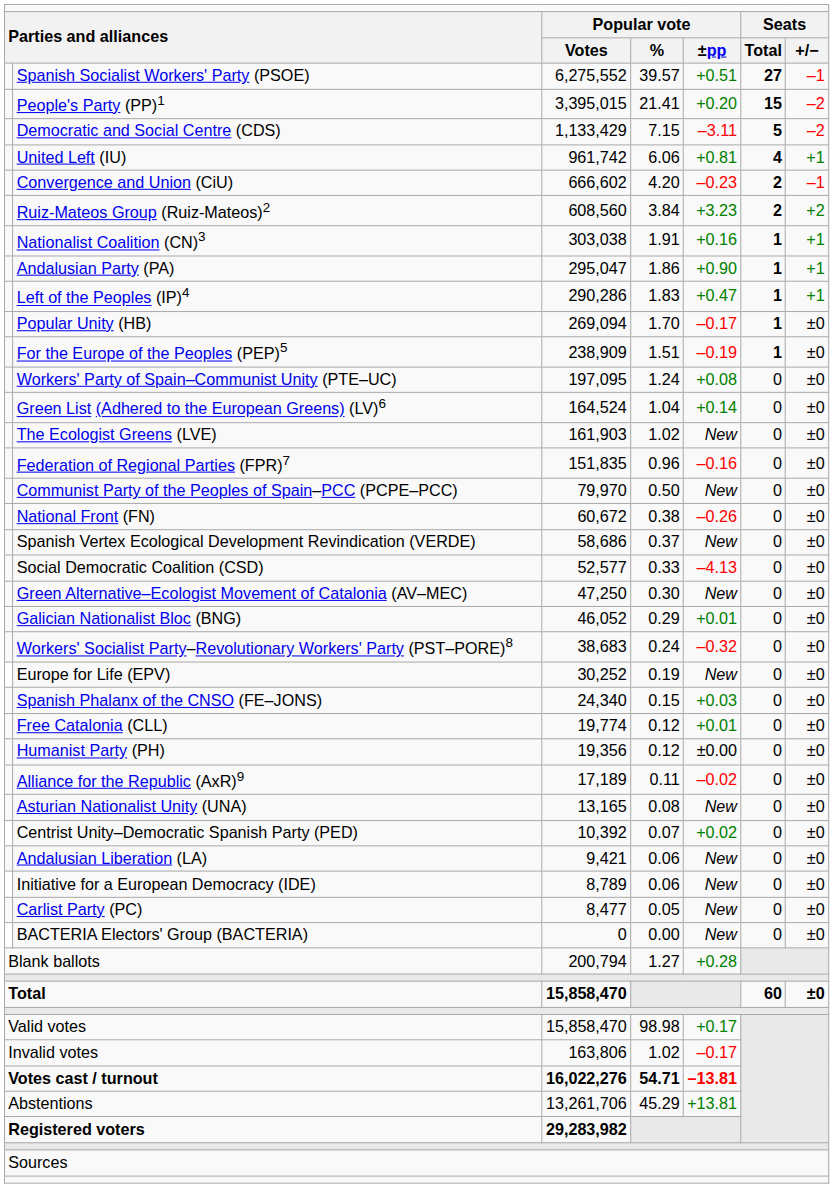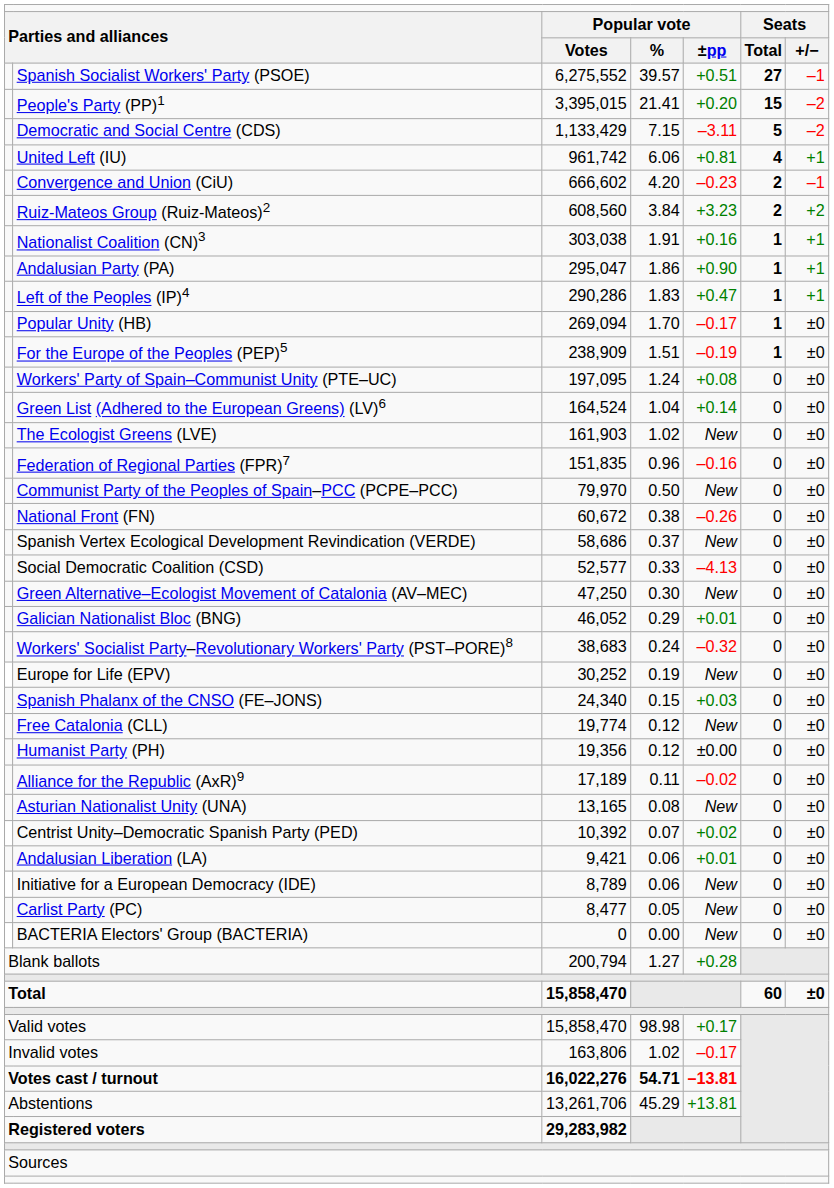 <table class="wikitable" style="text-align:right">
 <tr>
 <td colspan="7"></td>
 </tr>
 <tr>
 <th style="text-align:left;" rowspan="2" colspan="2" width="525">Parties and alliances</th>
 <th colspan="3">Popular vote</th>
 <th colspan="2">Seats</th>
 </tr>
 <tr>
 <th width="75">Votes</th>
 <th width="45">%</th>
 <th width="45">±<a href='#'>pp</a></th>
 <th width="35">Total</th>
 <th width="35">+/−</th>
 </tr>
 <tr>
 <td width="1" style="color:inherit;background:"></td>
 <td align="left"><a href='#'>Spanish Socialist Workers' Party</a> (PSOE)</td>
 <td>6,275,552</td>
 <td>39.57</td>
 <td style="color:green;">+0.51</td>
 <td><strong>27</strong></td>
 <td style="color:red;">–1</td>
 </tr>
 <tr>
 <td style="color:inherit;background:"></td>
 <td align="left"><a href='#'>People's Party</a> (PP)<sup>1</sup></td>
 <td>3,395,015</td>
 <td>21.41</td>
 <td style="color:green;">+0.20</td>
 <td><strong>15</strong></td>
 <td style="color:red;">–2</td>
 </tr>
 <tr>
 <td style="color:inherit;background:"></td>
 <td align="left"><a href='#'>Democratic and Social Centre</a> (CDS)</td>
 <td>1,133,429</td>
 <td>7.15</td>
 <td style="color:red;">–3.11</td>
 <td><strong>5</strong></td>
 <td style="color:red;">–2</td>
 </tr>
 <tr>
 <td style="color:inherit;background:"></td>
 <td align="left"><a href='#'>United Left</a> (IU)</td>
 <td>961,742</td>
 <td>6.06</td>
 <td style="color:green;">+0.81</td>
 <td><strong>4</strong></td>
 <td style="color:green;">+1</td>
 </tr>
 <tr>
 <td style="color:inherit;background:"></td>
 <td align="left"><a href='#'>Convergence and Union</a> (CiU)</td>
 <td>666,602</td>
 <td>4.20</td>
 <td style="color:red;">–0.23</td>
 <td><strong>2</strong></td>
 <td style="color:red;">–1</td>
 </tr>
 <tr>
 <td style="color:inherit;background:"></td>
 <td align="left"><a href='#'>Ruiz-Mateos Group</a> (Ruiz-Mateos)<sup>2</sup></td>
 <td>608,560</td>
 <td>3.84</td>
 <td style="color:green;">+3.23</td>
 <td><strong>2</strong></td>
 <td style="color:green;">+2</td>
 </tr>
 <tr>
 <td style="color:inherit;background:"></td>
 <td align="left"><a href='#'>Nationalist Coalition</a> (CN)<sup>3</sup></td>
 <td>303,038</td>
 <td>1.91</td>
 <td style="color:green;">+0.16</td>
 <td><strong>1</strong></td>
 <td style="color:green;">+1</td>
 </tr>
 <tr>
 <td style="color:inherit;background:"></td>
 <td align="left"><a href='#'>Andalusian Party</a> (PA)</td>
 <td>295,047</td>
 <td>1.86</td>
 <td style="color:green;">+0.90</td>
 <td><strong>1</strong></td>
 <td style="color:green;">+1</td>
 </tr>
 <tr>
 <td style="color:inherit;background:"></td>
 <td align="left"><a href='#'>Left of the Peoples</a> (IP)<sup>4</sup></td>
 <td>290,286</td>
 <td>1.83</td>
 <td style="color:green;">+0.47</td>
 <td><strong>1</strong></td>
 <td style="color:green;">+1</td>
 </tr>
 <tr>
 <td style="color:inherit;background:"></td>
 <td align="left"><a href='#'>Popular Unity</a> (HB)</td>
 <td>269,094</td>
 <td>1.70</td>
 <td style="color:red;">–0.17</td>
 <td><strong>1</strong></td>
 <td>±0</td>
 </tr>
 <tr>
 <td style="color:inherit;background:"></td>
 <td align="left"><a href='#'>For the Europe of the Peoples</a> (PEP)<sup>5</sup></td>
 <td>238,909</td>
 <td>1.51</td>
 <td style="color:red;">–0.19</td>
 <td><strong>1</strong></td>
 <td>±0</td>
 </tr>
 <tr>
 <td style="color:inherit;background:"></td>
 <td align="left"><a href='#'>Workers' Party of Spain–Communist Unity</a> (PTE–UC)</td>
 <td>197,095</td>
 <td>1.24</td>
 <td style="color:green;">+0.08</td>
 <td>0</td>
 <td>±0</td>
 </tr>
 <tr>
 <td style="color:inherit;background:"></td>
 <td align="left"><a href='#'>Green List</a> <a href='#'>(Adhered to the European Greens)</a> (LV)<sup>6</sup></td>
 <td>164,524</td>
 <td>1.04</td>
 <td style="color:green;">+0.14</td>
 <td>0</td>
 <td>±0</td>
 </tr>
 <tr>
 <td style="color:inherit;background:"></td>
 <td align="left"><a href='#'>The Ecologist Greens</a> (LVE)</td>
 <td>161,903</td>
 <td>1.02</td>
 <td><em>New</em></td>
 <td>0</td>
 <td>±0</td>
 </tr>
 <tr>
 <td style="color:inherit;background:"></td>
 <td align="left"><a href='#'>Federation of Regional Parties</a> (FPR)<sup>7</sup></td>
 <td>151,835</td>
 <td>0.96</td>
 <td style="color:red;">–0.16</td>
 <td>0</td>
 <td>±0</td>
 </tr>
 <tr>
 <td style="color:inherit;background:"></td>
 <td align="left"><a href='#'>Communist Party of the Peoples of Spain</a>–<a href='#'>PCC</a> (PCPE–PCC)</td>
 <td>79,970</td>
 <td>0.50</td>
 <td><em>New</em></td>
 <td>0</td>
 <td>±0</td>
 </tr>
 <tr>
 <td style="color:inherit;background:"></td>
 <td align="left"><a href='#'>National Front</a> (FN)</td>
 <td>60,672</td>
 <td>0.38</td>
 <td style="color:red;">–0.26</td>
 <td>0</td>
 <td>±0</td>
 </tr>
 <tr>
 <td style="color:inherit;background:"></td>
 <td align="left">Spanish Vertex Ecological Development Revindication (VERDE)</td>
 <td>58,686</td>
 <td>0.37</td>
 <td><em>New</em></td>
 <td>0</td>
 <td>±0</td>
 </tr>
 <tr>
 <td style="color:inherit;background:"></td>
 <td align="left">Social Democratic Coalition (CSD)</td>
 <td>52,577</td>
 <td>0.33</td>
 <td style="color:red;">–4.13</td>
 <td>0</td>
 <td>±0</td>
 </tr>
 <tr>
 <td style="color:inherit;background:"></td>
 <td align="left"><a href='#'>Green Alternative–Ecologist Movement of Catalonia</a> (AV–MEC)</td>
 <td>47,250</td>
 <td>0.30</td>
 <td><em>New</em></td>
 <td>0</td>
 <td>±0</td>
 </tr>
 <tr>
 <td style="color:inherit;background:"></td>
 <td align="left"><a href='#'>Galician Nationalist Bloc</a> (BNG)</td>
 <td>46,052</td>
 <td>0.29</td>
 <td style="color:green;">+0.01</td>
 <td>0</td>
 <td>±0</td>
 </tr>
 <tr>
 <td style="color:inherit;background:"></td>
 <td align="left"><a href='#'>Workers' Socialist Party</a>–<a href='#'>Revolutionary Workers' Party</a> (PST–PORE)<sup>8</sup></td>
 <td>38,683</td>
 <td>0.24</td>
 <td style="color:red;">–0.32</td>
 <td>0</td>
 <td>±0</td>
 </tr>
 <tr>
 <td bgcolor="white"></td>
 <td align="left">Europe for Life (EPV)</td>
 <td>30,252</td>
 <td>0.19</td>
 <td><em>New</em></td>
 <td>0</td>
 <td>±0</td>
 </tr>
 <tr>
 <td style="color:inherit;background:"></td>
 <td align="left"><a href='#'>Spanish Phalanx of the CNSO</a> (FE–JONS)</td>
 <td>24,340</td>
 <td>0.15</td>
 <td style="color:green;">+0.03</td>
 <td>0</td>
 <td>±0</td>
 </tr>
 <tr>
 <td style="color:inherit;background:"></td>
 <td align="left"><a href='#'>Free Catalonia</a> (CLL)</td>
 <td>19,774</td>
 <td>0.12</td>
-<td style="color:green;">+0.01</td>
+<td><em>New</em></td>
 <td>0</td>
 <td>±0</td>
 </tr>
 <tr>
 <td style="color:inherit;background:"></td>
 <td align="left"><a href='#'>Humanist Party</a> (PH)</td>
 <td>19,356</td>
 <td>0.12</td>
 <td>±0.00</td>
 <td>0</td>
 <td>±0</td>
 </tr>
 <tr>
 <td style="color:inherit;background:"></td>
 <td align="left"><a href='#'>Alliance for the Republic</a> (AxR)<sup>9</sup></td>
 <td>17,189</td>
 <td>0.11</td>
 <td style="color:red;">–0.02</td>
 <td>0</td>
 <td>±0</td>
 </tr>
 <tr>
 <td style="color:inherit;background:"></td>
 <td align="left"><a href='#'>Asturian Nationalist Unity</a> (UNA)</td>
 <td>13,165</td>
 <td>0.08</td>
 <td><em>New</em></td>
 <td>0</td>
 <td>±0</td>
 </tr>
 <tr>
 <td bgcolor="white"></td>
 <td align="left">Centrist Unity–Democratic Spanish Party (PED)</td>
 <td>10,392</td>
 <td>0.07</td>
 <td style="color:green;">+0.02</td>
 <td>0</td>
 <td>±0</td>
 </tr>
 <tr>
 <td style="color:inherit;background:"></td>
 <td align="left"><a href='#'>Andalusian Liberation</a> (LA)</td>
 <td>9,421</td>
 <td>0.06</td>
-<td><em>New</em></td>
+<td style="color:green;">+0.01</td>
 <td>0</td>
 <td>±0</td>
 </tr>
 <tr>
 <td bgcolor="white"></td>
 <td align="left">Initiative for a European Democracy (IDE)</td>
 <td>8,789</td>
 <td>0.06</td>
 <td><em>New</em></td>
 <td>0</td>
 <td>±0</td>
 </tr>
 <tr>
 <td style="color:inherit;background:"></td>
 <td align="left"><a href='#'>Carlist Party</a> (PC)</td>
 <td>8,477</td>
 <td>0.05</td>
 <td><em>New</em></td>
 <td>0</td>
 <td>±0</td>
 </tr>
 <tr>
 <td bgcolor="white"></td>
 <td align="left">BACTERIA Electors' Group (BACTERIA)</td>
 <td>0</td>
 <td>0.00</td>
 <td><em>New</em></td>
 <td>0</td>
 <td>±0</td>
 </tr>
 <tr>
 <td align="left" colspan="2">Blank ballots</td>
 <td>200,794</td>
 <td>1.27</td>
 <td style="color:green;">+0.28</td>
 <td bgcolor="#E9E9E9" colspan="2"></td>
 </tr>
 <tr>
 <td colspan="7" bgcolor="#E9E9E9"></td>
 </tr>
 <tr style="font-weight:bold;">
 <td align="left" colspan="2">Total</td>
 <td>15,858,470</td>
 <td bgcolor="#E9E9E9" colspan="2"></td>
 <td>60</td>
 <td>±0</td>
 </tr>
 <tr>
 <td colspan="7" bgcolor="#E9E9E9"></td>
 </tr>
 <tr>
 <td align="left" colspan="2">Valid votes</td>
 <td>15,858,470</td>
 <td>98.98</td>
 <td style="color:green;">+0.17</td>
 <td bgcolor="#E9E9E9" colspan="2" rowspan="5"></td>
 </tr>
 <tr>
 <td align="left" colspan="2">Invalid votes</td>
 <td>163,806</td>
 <td>1.02</td>
 <td style="color:red;">–0.17</td>
 </tr>
 <tr style="font-weight:bold;">
 <td align="left" colspan="2">Votes cast / turnout</td>
 <td>16,022,276</td>
 <td>54.71</td>
 <td style="color:red;">–13.81</td>
 </tr>
 <tr>
 <td align="left" colspan="2">Abstentions</td>
 <td>13,261,706</td>
 <td>45.29</td>
 <td style="color:green;">+13.81</td>
 </tr>
 <tr style="font-weight:bold;">
 <td align="left" colspan="2">Registered voters</td>
 <td>29,283,982</td>
 <td bgcolor="#E9E9E9" colspan="2"></td>
 </tr>
 <tr>
 <td colspan="7" bgcolor="#E9E9E9"></td>
 </tr>
 <tr>
 <td align="left" colspan="7">Sources</td>
 </tr>
 <tr>
 <td colspan="7" style="text-align:left; max-width:790px;"></td>
 </tr>
 </table>
